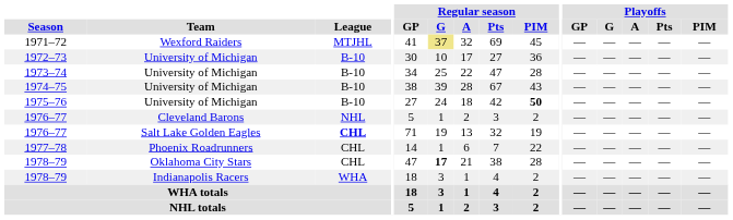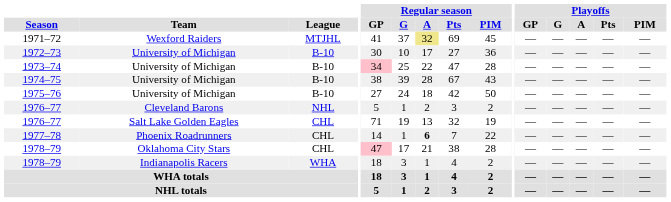 <table border="0" cellpadding="1" cellspacing="0" style="text-align:center; width:60em">
 <tr bgcolor="#e0e0e0">
 <th colspan="3" bgcolor="#ffffff"></th>
 <th rowspan="100" bgcolor="#ffffff"></th>
 <th colspan="5"><a href='#'>Regular season</a></th>
 <th rowspan="100" bgcolor="#ffffff"></th>
 <th colspan="5"><a href='#'>Playoffs</a></th>
 </tr>
 <tr bgcolor="#e0e0e0">
 <th><a href='#'>Season</a></th>
 <th>Team</th>
 <th>League</th>
 <th>GP</th>
 <th><a href='#'>G</a></th>
 <th><a href='#'>A</a></th>
 <th><a href='#'>Pts</a></th>
 <th><a href='#'>PIM</a></th>
 <th>GP</th>
 <th>G</th>
 <th>A</th>
 <th>Pts</th>
 <th>PIM</th>
 </tr>
 <tr>
 <td>1971–72</td>
 <td><a href='#'>Wexford Raiders</a></td>
 <td><a href='#'>MTJHL</a></td>
 <td>41</td>
-<td style="background: khaki;">37</td>
-<td>32</td>
+<td>37</td>
+<td style="background: khaki;">32</td>
 <td>69</td>
 <td>45</td>
 <td>—</td>
 <td>—</td>
 <td>—</td>
 <td>—</td>
 <td>—</td>
 </tr>
 <tr bgcolor="#f0f0f0">
 <td><a href='#'>1972–73</a></td>
 <td><a href='#'>University of Michigan</a></td>
 <td><a href='#'>B-10</a></td>
 <td>30</td>
 <td>10</td>
 <td>17</td>
 <td>27</td>
 <td>36</td>
 <td>—</td>
 <td>—</td>
 <td>—</td>
 <td>—</td>
 <td>—</td>
 </tr>
 <tr>
 <td><a href='#'>1973–74</a></td>
 <td>University of Michigan</td>
 <td>B-10</td>
-<td>34</td>
+<td style="background: pink;">34</td>
 <td>25</td>
 <td>22</td>
 <td>47</td>
 <td>28</td>
 <td>—</td>
 <td>—</td>
 <td>—</td>
 <td>—</td>
 <td>—</td>
 </tr>
 <tr bgcolor="#f0f0f0">
 <td><a href='#'>1974–75</a></td>
 <td>University of Michigan</td>
 <td>B-10</td>
 <td>38</td>
 <td>39</td>
 <td>28</td>
 <td>67</td>
 <td>43</td>
 <td>—</td>
 <td>—</td>
 <td>—</td>
 <td>—</td>
 <td>—</td>
 </tr>
 <tr>
 <td><a href='#'>1975–76</a></td>
 <td>University of Michigan</td>
 <td>B-10</td>
 <td>27</td>
 <td>24</td>
 <td>18</td>
 <td>42</td>
-<td><strong>50</strong></td>
+<td>50</td>
 <td>—</td>
 <td>—</td>
 <td>—</td>
 <td>—</td>
 <td>—</td>
 </tr>
 <tr bgcolor="#f0f0f0">
 <td><a href='#'>1976–77</a></td>
 <td><a href='#'>Cleveland Barons</a></td>
 <td><a href='#'>NHL</a></td>
 <td>5</td>
 <td>1</td>
 <td>2</td>
 <td>3</td>
 <td>2</td>
 <td>—</td>
 <td>—</td>
 <td>—</td>
 <td>—</td>
 <td>—</td>
 </tr>
 <tr>
 <td><a href='#'>1976–77</a></td>
 <td><a href='#'>Salt Lake Golden Eagles</a></td>
-<td><strong><a href='#'>CHL</a></strong></td>
+<td><a href='#'>CHL</a></td>
 <td>71</td>
 <td>19</td>
 <td>13</td>
 <td>32</td>
 <td>19</td>
 <td>—</td>
 <td>—</td>
 <td>—</td>
 <td>—</td>
 <td>—</td>
 </tr>
 <tr bgcolor="#f0f0f0">
 <td><a href='#'>1977–78</a></td>
 <td><a href='#'>Phoenix Roadrunners</a></td>
 <td>CHL</td>
 <td>14</td>
 <td>1</td>
-<td>6</td>
+<td><strong>6</strong></td>
 <td>7</td>
 <td>22</td>
 <td>—</td>
 <td>—</td>
 <td>—</td>
 <td>—</td>
 <td>—</td>
 </tr>
 <tr>
 <td><a href='#'>1978–79</a></td>
 <td><a href='#'>Oklahoma City Stars</a></td>
 <td>CHL</td>
-<td>47</td>
-<td><strong>17</strong></td>
+<td style="background: pink;">47</td>
+<td>17</td>
 <td>21</td>
 <td>38</td>
 <td>28</td>
 <td>—</td>
 <td>—</td>
 <td>—</td>
 <td>—</td>
 <td>—</td>
 </tr>
 <tr bgcolor="#f0f0f0">
 <td><a href='#'>1978–79</a></td>
 <td><a href='#'>Indianapolis Racers</a></td>
 <td><a href='#'>WHA</a></td>
 <td>18</td>
 <td>3</td>
 <td>1</td>
 <td>4</td>
 <td>2</td>
 <td>—</td>
 <td>—</td>
 <td>—</td>
 <td>—</td>
 <td>—</td>
 </tr>
 <tr bgcolor="#e0e0e0">
 <th colspan="3">WHA totals</th>
 <th>18</th>
 <th>3</th>
 <th>1</th>
 <th>4</th>
 <th>2</th>
 <th>—</th>
 <th>—</th>
 <th>—</th>
 <th>—</th>
 <th>—</th>
 </tr>
 <tr bgcolor="#e0e0e0">
 <th colspan="3">NHL totals</th>
 <th>5</th>
 <th>1</th>
 <th>2</th>
 <th>3</th>
 <th>2</th>
 <th>—</th>
 <th>—</th>
 <th>—</th>
 <th>—</th>
 <th>—</th>
 </tr>
 </table>
